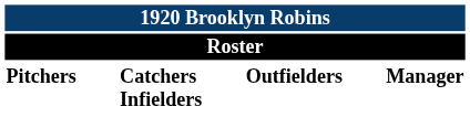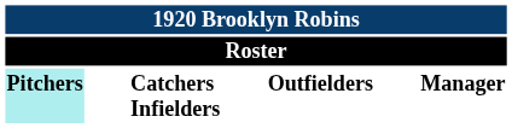 <table class="toccolours" style="font-size: 95%;">
 <tr>
 <th colspan="10" style="background-color: #083c6b; color: white; text-align: center;">1920 Brooklyn Robins</th>
 </tr>
 <tr>
 <td colspan="10" style="background-color: black; color: white; text-align: center;"><strong>Roster</strong></td>
 </tr>
 <tr>
-<td valign="top"><strong>Pitchers</strong><br>        </td>
+<td valign="top" style="background: paleturquoise;"><strong>Pitchers</strong><br>        </td>
 <td width="25px"></td>
 <td valign="top"><strong>Catchers</strong><br>    <strong>Infielders</strong>          </td>
 <td width="25px"></td>
 <td valign="top"><strong>Outfielders</strong><br>     </td>
 <td width="25px"></td>
 <td valign="top"><strong>Manager</strong><br></td>
 </tr>
 </table>
